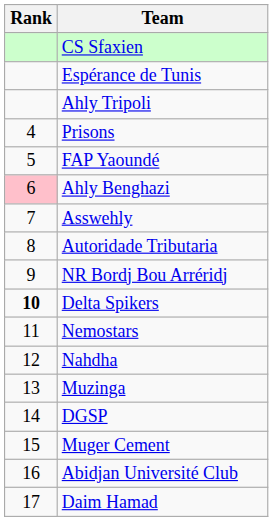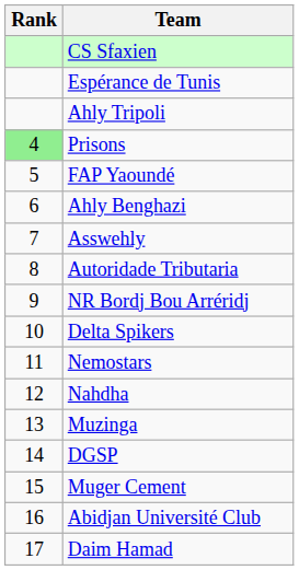 <table class="wikitable" style="text-align: center;">
 <tr>
 <th width=40>Rank</th>
 <th width=180>Team</th>
 </tr>
 <tr bgcolor=#CCFFCC>
 <td></td>
 <td style="text-align:left;"> <a href='#'>CS Sfaxien</a></td>
 </tr>
 <tr align=center>
 <td></td>
 <td style="text-align:left;"> <a href='#'>Espérance de Tunis</a></td>
 </tr>
 <tr align=center>
 <td></td>
 <td style="text-align:left;"> <a href='#'>Ahly Tripoli</a></td>
 </tr>
 <tr align=center>
-<td>4</td>
+<td style="background: lightgreen;">4</td>
 <td style="text-align:left;"> <a href='#'>Prisons</a></td>
 </tr>
 <tr align=center>
 <td>5</td>
 <td style="text-align:left;"> <a href='#'>FAP Yaoundé</a></td>
 </tr>
 <tr align=center>
-<td style="background: pink;">6</td>
+<td>6</td>
 <td style="text-align:left;"> <a href='#'>Ahly Benghazi</a></td>
 </tr>
 <tr align=center>
 <td>7</td>
 <td style="text-align:left;"> <a href='#'>Asswehly</a></td>
 </tr>
 <tr align=center>
 <td>8</td>
 <td style="text-align:left;"> <a href='#'>Autoridade Tributaria</a></td>
 </tr>
 <tr align=center>
 <td>9</td>
 <td style="text-align:left;"> <a href='#'>NR Bordj Bou Arréridj</a></td>
 </tr>
 <tr align=center>
-<td><strong>10</strong></td>
+<td>10</td>
 <td style="text-align:left;"> <a href='#'>Delta Spikers</a></td>
 </tr>
 <tr align=center>
 <td>11</td>
 <td style="text-align:left;"> <a href='#'>Nemostars</a></td>
 </tr>
 <tr align=center>
 <td>12</td>
 <td style="text-align:left;"> <a href='#'>Nahdha</a></td>
 </tr>
 <tr align=center>
 <td>13</td>
 <td style="text-align:left;"> <a href='#'>Muzinga</a></td>
 </tr>
 <tr align=center>
 <td>14</td>
 <td style="text-align:left;"> <a href='#'>DGSP</a></td>
 </tr>
 <tr align=center>
 <td>15</td>
 <td style="text-align:left;"> <a href='#'>Muger Cement</a></td>
 </tr>
 <tr align=center>
 <td>16</td>
 <td style="text-align:left;"> <a href='#'>Abidjan Université Club</a></td>
 </tr>
 <tr align=center>
 <td>17</td>
 <td style="text-align:left;"> <a href='#'>Daim Hamad</a></td>
 </tr>
 </table>
